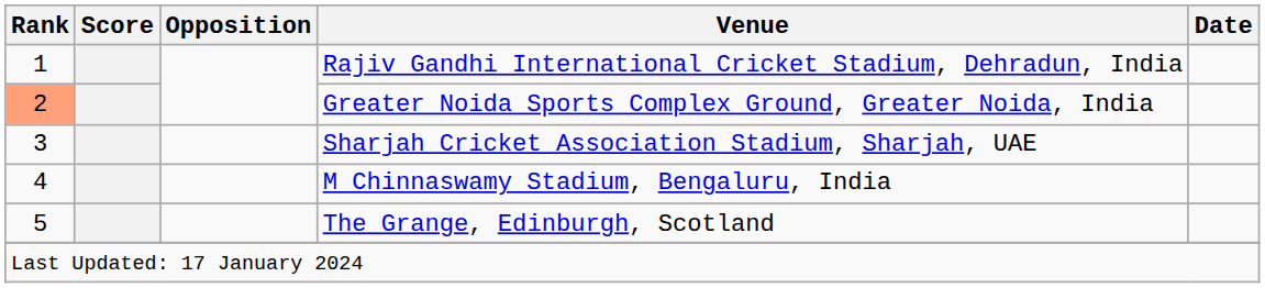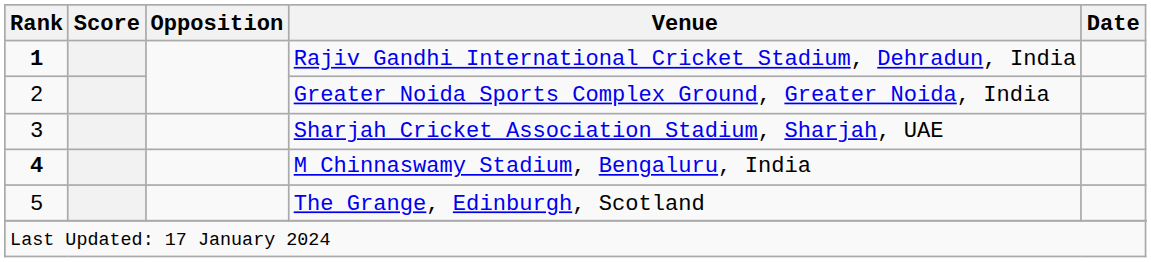 <table class="wikitable plainrowheaders sortable">
 <tr>
 <th scope=col>Rank</th>
 <th scope=col>Score</th>
 <th scope=col>Opposition</th>
 <th scope=col>Venue</th>
 <th scope=col>Date</th>
 </tr>
 <tr>
-<td align=center>1</td>
+<td align=center><strong>1</strong></td>
 <th scope=row style=text-align:center;></th>
 <td rowspan=2></td>
 <td><a href='#'>Rajiv Gandhi International Cricket Stadium</a>, <a href='#'>Dehradun</a>, India</td>
 <td></td>
 </tr>
 <tr>
-<td align=center style="background: lightsalmon;">2</td>
+<td align=center>2</td>
 <th scope=row style=text-align:center;></th>
 <td><a href='#'>Greater Noida Sports Complex Ground</a>, <a href='#'>Greater Noida</a>, India</td>
 <td></td>
 </tr>
 <tr>
 <td align=center>3</td>
 <th scope=row style=text-align:center;></th>
 <td></td>
 <td><a href='#'>Sharjah Cricket Association Stadium</a>, <a href='#'>Sharjah</a>, UAE</td>
 <td></td>
 </tr>
 <tr>
-<td align=center>4</td>
+<td align=center><strong>4</strong></td>
 <th scope=row style=text-align:center;></th>
 <td></td>
 <td><a href='#'>M Chinnaswamy Stadium</a>, <a href='#'>Bengaluru</a>, India</td>
 <td></td>
 </tr>
 <tr>
 <td align=center>5</td>
 <th scope=row style=text-align:center;></th>
 <td></td>
 <td><a href='#'>The Grange</a>, <a href='#'>Edinburgh</a>, Scotland</td>
 <td></td>
 </tr>
 <tr>
 </tr>
 <tr class=sortbottom>
 <td colspan=5><small>Last Updated: 17 January 2024</small></td>
 </tr>
 </table>
